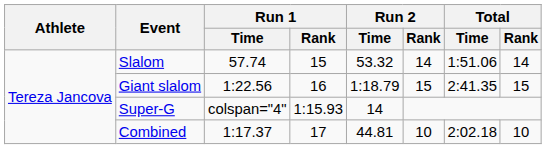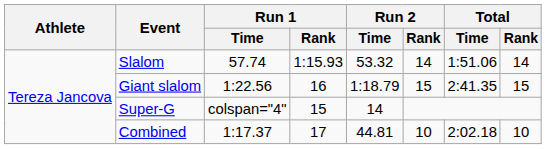 <table class="wikitable" style="font-size:90%">
 <tr>
 <th rowspan=2>Athlete</th>
 <th rowspan=2>Event</th>
 <th colspan=2>Run 1</th>
 <th colspan=2>Run 2</th>
 <th colspan=2>Total</th>
 </tr>
 <tr style="font-size:95%">
 <th>Time</th>
 <th>Rank</th>
 <th>Time</th>
 <th>Rank</th>
 <th>Time</th>
 <th>Rank</th>
 </tr>
 <tr align=center>
 <td align="left" rowspan="4"><a href='#'>Tereza Jancova</a></td>
 <td align="left"><a href='#'>Slalom</a></td>
 <td>57.74</td>
-<td>15</td>
+<td>1:15.93</td>
 <td>53.32</td>
 <td>14</td>
 <td>1:51.06</td>
 <td>14</td>
 </tr>
 <tr align=center>
 <td align="left"><a href='#'>Giant slalom</a></td>
 <td>1:22.56</td>
 <td>16</td>
 <td>1:18.79</td>
 <td>15</td>
 <td>2:41.35</td>
 <td>15</td>
 </tr>
 <tr align=center>
 <td align="left"><a href='#'>Super-G</a></td>
 <td>colspan="4" </td>
-<td>1:15.93</td>
+<td>15</td>
 <td>14</td>
 </tr>
 <tr align=center>
 <td align="left"><a href='#'>Combined</a></td>
 <td>1:17.37</td>
 <td>17</td>
 <td>44.81</td>
 <td>10</td>
 <td>2:02.18</td>
 <td>10</td>
 </tr>
 </table>
